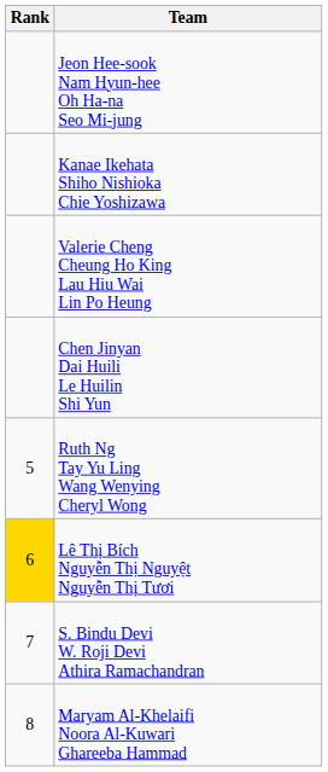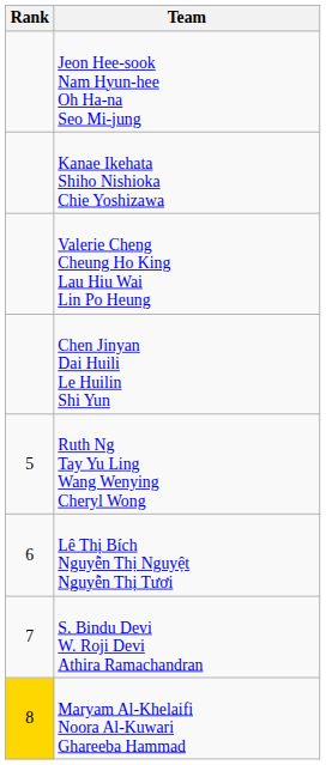 <table class="wikitable" style="text-align: center;">
 <tr>
 <th width=40>Rank</th>
 <th width=250>Team</th>
 </tr>
 <tr>
 <td></td>
 <td align=left><br><a href='#'>Jeon Hee-sook</a><br><a href='#'>Nam Hyun-hee</a><br><a href='#'>Oh Ha-na</a><br><a href='#'>Seo Mi-jung</a></td>
 </tr>
 <tr>
 <td></td>
 <td align=left><br><a href='#'>Kanae Ikehata</a><br><a href='#'>Shiho Nishioka</a><br><a href='#'>Chie Yoshizawa</a></td>
 </tr>
 <tr>
 <td></td>
 <td align=left><br><a href='#'>Valerie Cheng</a><br><a href='#'>Cheung Ho King</a><br><a href='#'>Lau Hiu Wai</a><br><a href='#'>Lin Po Heung</a></td>
 </tr>
 <tr>
 <td></td>
 <td align=left><br><a href='#'>Chen Jinyan</a><br><a href='#'>Dai Huili</a><br><a href='#'>Le Huilin</a><br><a href='#'>Shi Yun</a></td>
 </tr>
 <tr>
 <td>5</td>
 <td align=left><br><a href='#'>Ruth Ng</a><br><a href='#'>Tay Yu Ling</a><br><a href='#'>Wang Wenying</a><br><a href='#'>Cheryl Wong</a></td>
 </tr>
 <tr>
-<td style="background: gold;">6</td>
+<td>6</td>
 <td align=left><br><a href='#'>Lê Thị Bích</a><br><a href='#'>Nguyễn Thị Nguyệt</a><br><a href='#'>Nguyễn Thị Tươi</a></td>
 </tr>
 <tr>
 <td>7</td>
 <td align=left><br><a href='#'>S. Bindu Devi</a><br><a href='#'>W. Roji Devi</a><br><a href='#'>Athira Ramachandran</a></td>
 </tr>
 <tr>
-<td>8</td>
+<td style="background: gold;">8</td>
 <td align=left><br><a href='#'>Maryam Al-Khelaifi</a><br><a href='#'>Noora Al-Kuwari</a><br><a href='#'>Ghareeba Hammad</a></td>
 </tr>
 </table>
